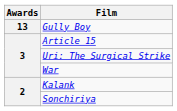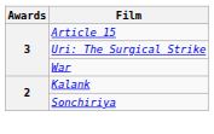 <table class="wikitable" style="display:inline-table;">
 <tr>
 <th>Awards</th>
 <th>Film</th>
-</tr>
-<tr>
-<th scope=row>13</th>
-<td><em><a href='#'>Gully Boy</a></em></td>
 </tr>
 <tr>
 <th rowspan=3>3</th>
 <td><em><a href='#'>Article 15</a></em></td>
 </tr>
 <tr>
 <td><em><a href='#'>Uri: The Surgical Strike</a></em></td>
 </tr>
 <tr>
 <td><em><a href='#'>War</a></em></td>
 </tr>
 <tr>
 <th rowspan=2>2</th>
 <td><em><a href='#'>Kalank</a></em></td>
 </tr>
 <tr>
 <td><em><a href='#'>Sonchiriya</a></em></td>
 </tr>
 </table>
